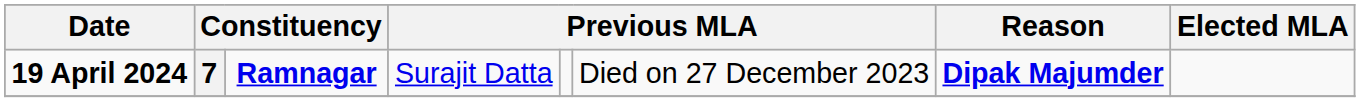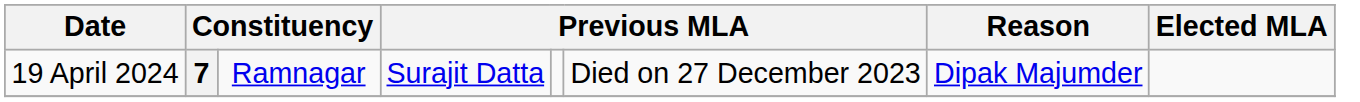 <table class="wikitable sortable" style="text-align:center;">
 <tr>
 <th>Date</th>
 <th colspan="2">Constituency</th>
 <th colspan="3">Previous MLA</th>
 <th>Reason</th>
 <th colspan="3">Elected MLA</th>
 </tr>
 <tr>
-<td><strong>19 April 2024</strong></td>
+<td>19 April 2024</td>
 <th>7</th>
-<td><strong><a href='#'>Ramnagar</a></strong></td>
+<td><a href='#'>Ramnagar</a></td>
 <td><a href='#'>Surajit Datta</a></td>
 <td></td>
 <td>Died on 27 December 2023</td>
-<td><strong><a href='#'>Dipak Majumder</a></strong></td>
+<td><a href='#'>Dipak Majumder</a></td>
 <td></td>
 </tr>
 <tr>
 </tr>
 </table>
